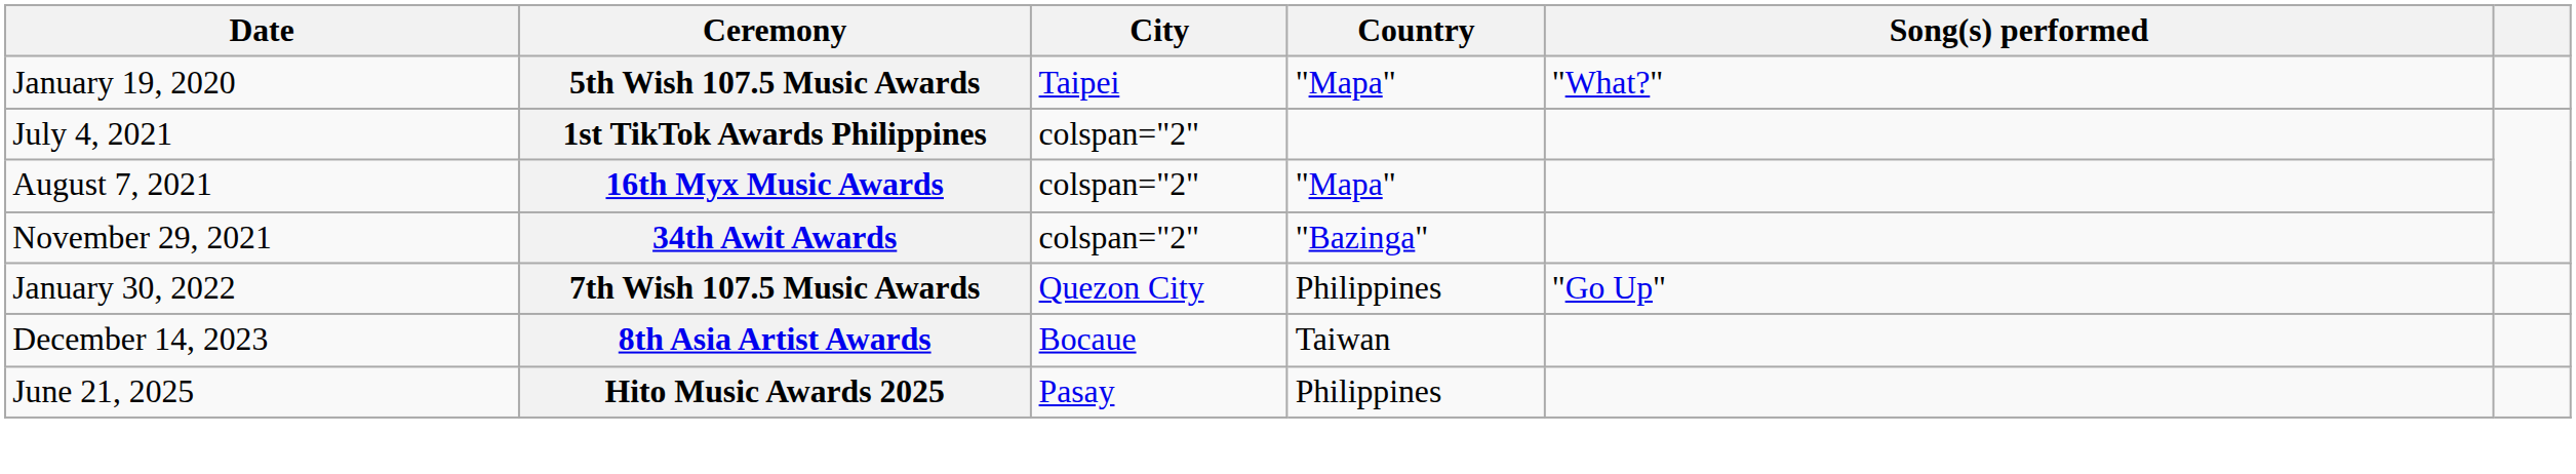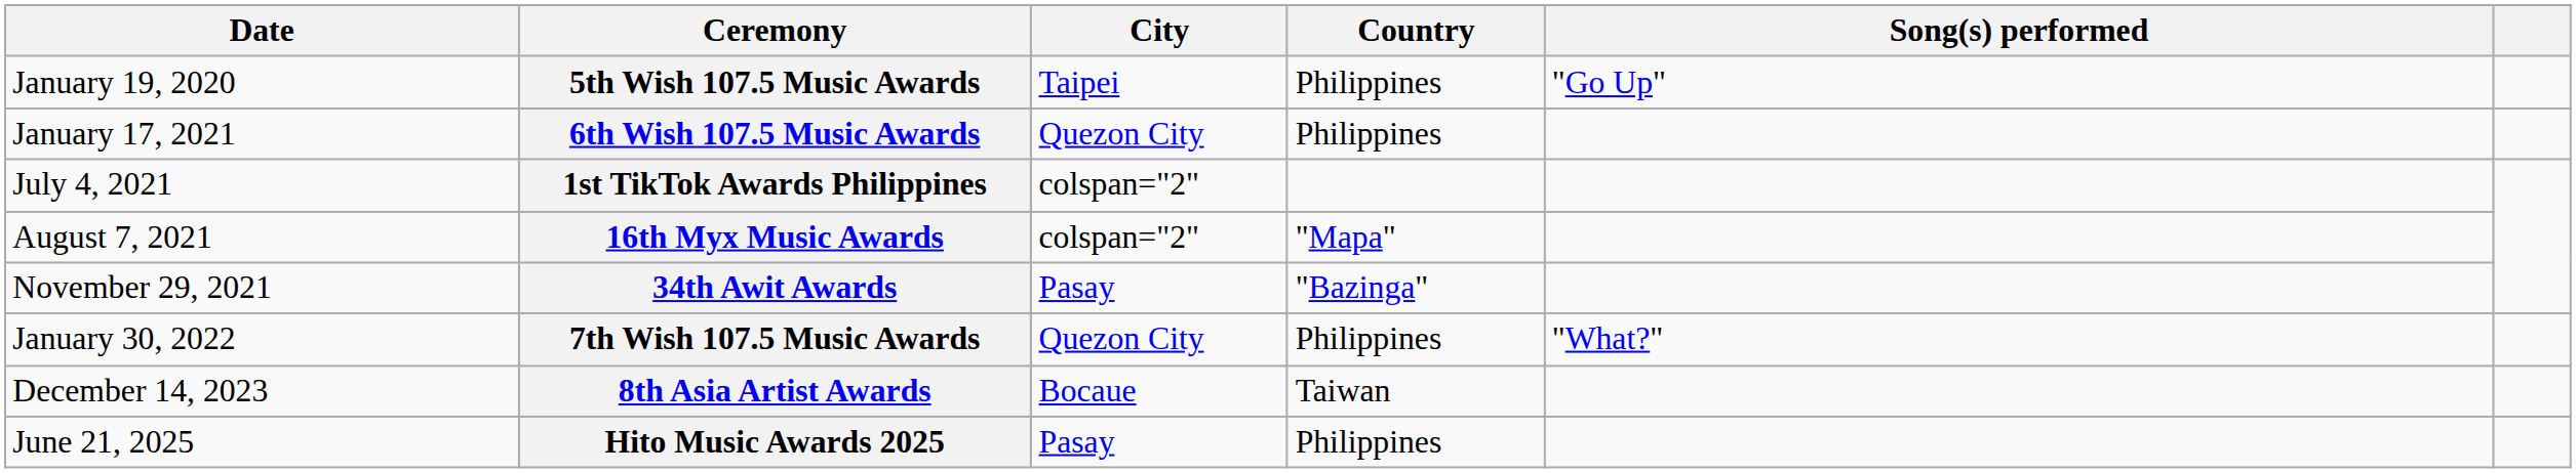 <table class="wikitable sortable plainrowheaders" width=100%>
 <tr>
 <th scope="col" width=20%>Date</th>
 <th scope="col" width=20%>Ceremony</th>
 <th scope="col" width=10%>City</th>
 <th scope="col" width="10%">Country</th>
 <th scope="col" width="37%">Song(s) performed</th>
 <th scope="col" width="3%" class="unsortable"></th>
 </tr>
 <tr>
 <td>January 19, 2020</td>
 <th scope="row">5th Wish 107.5 Music Awards</th>
 <td><a href='#'>Taipei</a></td>
-<td>"<a href='#'>Mapa</a>"</td>
-<td>"<a href='#'>What?</a>"</td>
+<td>Philippines</td>
+<td>"<a href='#'>Go Up</a>"</td>
+<td style="text-align:center;"></td>
+</tr>
+<tr>
+<td>January 17, 2021</td>
+<th scope="row"><a href='#'>6th Wish 107.5 Music Awards</a></th>
+<td><a href='#'>Quezon City</a></td>
+<td>Philippines</td>
+<td></td>
 <td style="text-align:center;"></td>
 </tr>
 <tr>
 <td>July 4, 2021</td>
 <th scope="row">1st TikTok Awards Philippines</th>
 <td>colspan="2" </td>
 <td></td>
 <td style="text-align:center;"></td>
 </tr>
 <tr>
 <td>August 7, 2021</td>
 <th scope="row"><a href='#'>16th Myx Music Awards</a></th>
 <td>colspan="2" </td>
 <td>"<a href='#'>Mapa</a>"</td>
 <td style="text-align:center;"></td>
 </tr>
 <tr>
 <td>November 29, 2021</td>
 <th scope="row"><a href='#'>34th Awit Awards</a></th>
-<td>colspan="2" </td>
+<td><a href='#'>Pasay</a></td>
 <td>"<a href='#'>Bazinga</a>"</td>
 <td style="text-align:center;"></td>
 </tr>
 <tr>
 <td>January 30, 2022</td>
 <th scope="row">7th Wish 107.5 Music Awards</th>
 <td><a href='#'>Quezon City</a></td>
 <td>Philippines</td>
-<td>"<a href='#'>Go Up</a>"</td>
+<td>"<a href='#'>What?</a>"</td>
 <td style="text-align:center;"></td>
 </tr>
 <tr>
 <td>December 14, 2023</td>
 <th scope="row"><a href='#'>8th Asia Artist Awards</a></th>
 <td><a href='#'>Bocaue</a></td>
 <td>Taiwan</td>
 <td></td>
 <td style="text-align:center;"></td>
 </tr>
 <tr>
 <td>June 21, 2025</td>
 <th scope="row">Hito Music Awards 2025</th>
 <td><a href='#'>Pasay</a></td>
 <td>Philippines</td>
 <td></td>
 <td style="text-align: center;"></td>
 </tr>
 </table>
